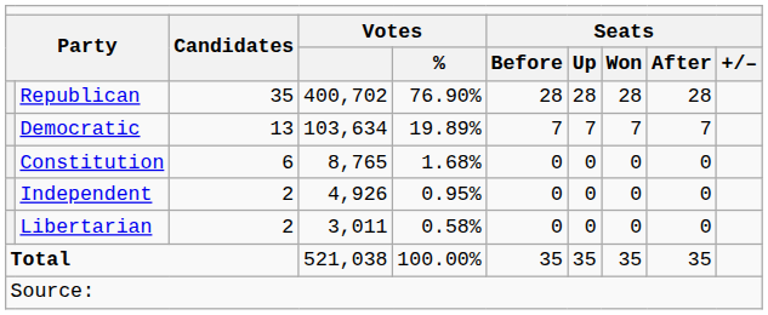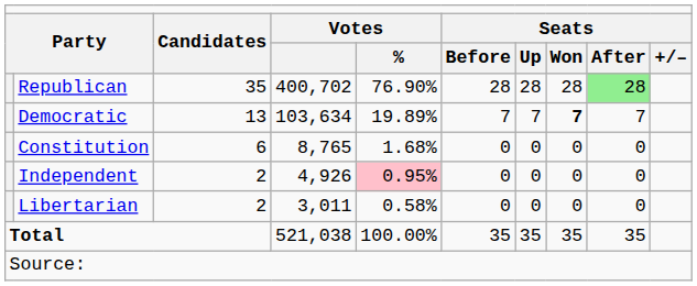 <table class="wikitable">
 <tr>
 <td colspan=15 align=center></td>
 </tr>
 <tr>
 <th rowspan="2" colspan="2">Party</th>
 <th rowspan="2">Candidates</th>
 <th colspan="2">Votes</th>
 <th colspan="5">Seats</th>
 </tr>
 <tr>
 <th></th>
 <th>%</th>
 <th>Before</th>
 <th>Up</th>
 <th>Won</th>
 <th>After</th>
 <th>+/–</th>
 </tr>
 <tr>
 <th style="background-color:"></th>
 <td><a href='#'>Republican</a></td>
 <td align="right">35</td>
 <td align="right">400,702</td>
 <td align="right">76.90%</td>
 <td align="right">28</td>
 <td align="right">28</td>
 <td align="right">28</td>
-<td align="right">28</td>
+<td align="right" style="background: lightgreen;">28</td>
 <td align="right"></td>
 </tr>
 <tr>
 <th style="background-color:"></th>
 <td><a href='#'>Democratic</a></td>
 <td align="right">13</td>
 <td align="right">103,634</td>
 <td align="right">19.89%</td>
 <td align="right">7</td>
 <td align="right">7</td>
-<td align="right">7</td>
+<td align="right"><strong>7</strong></td>
 <td align="right">7</td>
 <td align="right"></td>
 </tr>
 <tr>
 <th style="background-color:"></th>
 <td><a href='#'>Constitution</a></td>
 <td align="right">6</td>
 <td align="right">8,765</td>
 <td align="right">1.68%</td>
 <td align="right">0</td>
 <td align="right">0</td>
 <td align="right">0</td>
 <td align="right">0</td>
 <td align="right"></td>
 </tr>
 <tr>
 <th style="background-color:"></th>
 <td><a href='#'>Independent</a></td>
 <td align="right">2</td>
 <td align="right">4,926</td>
-<td align="right">0.95%</td>
+<td align="right" style="background: pink;">0.95%</td>
 <td align="right">0</td>
 <td align="right">0</td>
 <td align="right">0</td>
 <td align="right">0</td>
 <td align="right"></td>
 </tr>
 <tr>
 <th style="background-color:"></th>
 <td><a href='#'>Libertarian</a></td>
 <td align="right">2</td>
 <td align="right">3,011</td>
 <td align="right">0.58%</td>
 <td align="right">0</td>
 <td align="right">0</td>
 <td align="right">0</td>
 <td align="right">0</td>
 <td align="right"></td>
 </tr>
 <tr>
 <td colspan="3" align="left"><strong>Total</strong></td>
 <td align="right">521,038</td>
 <td align="right">100.00%</td>
 <td align="right">35</td>
 <td align="right">35</td>
 <td align="right">35</td>
 <td align="right">35</td>
 <td align="right"></td>
 </tr>
 <tr>
 <td colspan="10">Source: </td>
 </tr>
 </table>
